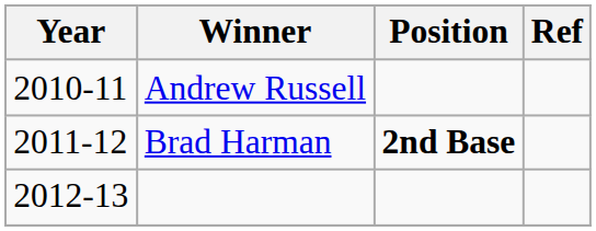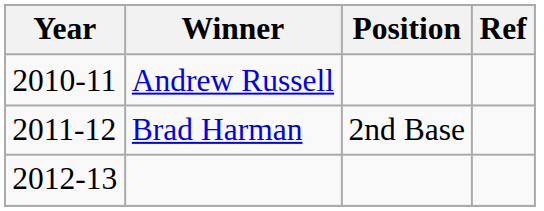 <table class="wikitable sortable">
 <tr>
 <th>Year</th>
 <th>Winner</th>
 <th>Position</th>
 <th class=unsortable>Ref</th>
 </tr>
 <tr>
 <td>2010-11</td>
 <td><a href='#'>Andrew Russell</a></td>
 <td></td>
 <td></td>
 </tr>
 <tr>
 <td>2011-12</td>
 <td><a href='#'>Brad Harman</a></td>
-<td><strong>2nd Base</strong></td>
+<td>2nd Base</td>
 <td></td>
 </tr>
 <tr>
 <td>2012-13</td>
 <td></td>
 <td></td>
 <td></td>
 </tr>
 <tr>
 </tr>
 </table>
